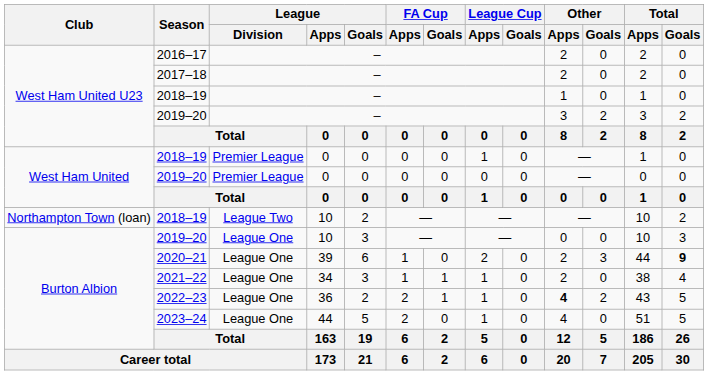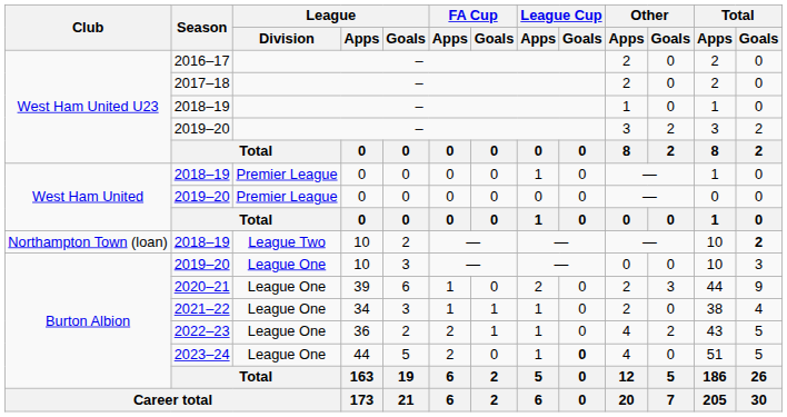 <table class=wikitable style=text-align:center>
 <tr>
 <th rowspan=2>Club</th>
 <th rowspan=2>Season</th>
 <th colspan=3>League</th>
 <th colspan=2><a href='#'>FA Cup</a></th>
 <th colspan=2><a href='#'>League Cup</a></th>
 <th colspan=2>Other</th>
 <th colspan=2>Total</th>
 </tr>
 <tr>
 <th>Division</th>
 <th>Apps</th>
 <th>Goals</th>
 <th>Apps</th>
 <th>Goals</th>
 <th>Apps</th>
 <th>Goals</th>
 <th>Apps</th>
 <th>Goals</th>
 <th>Apps</th>
 <th>Goals</th>
 </tr>
 <tr>
 <td rowspan="5"><a href='#'>West Ham United U23</a></td>
 <td>2016–17</td>
 <td colspan="7">–</td>
 <td>2</td>
 <td>0</td>
 <td>2</td>
 <td>0</td>
 </tr>
 <tr>
 <td>2017–18</td>
 <td colspan="7">–</td>
 <td>2</td>
 <td>0</td>
 <td>2</td>
 <td>0</td>
 </tr>
 <tr>
 <td>2018–19</td>
 <td colspan="7">–</td>
 <td>1</td>
 <td>0</td>
 <td>1</td>
 <td>0</td>
 </tr>
 <tr>
 <td>2019–20</td>
 <td colspan="7">–</td>
 <td>3</td>
 <td>2</td>
 <td>3</td>
 <td>2</td>
 </tr>
 <tr>
 <th colspan="2">Total</th>
 <th>0</th>
 <th>0</th>
 <th>0</th>
 <th>0</th>
 <th>0</th>
 <th>0</th>
 <th>8</th>
 <th>2</th>
 <th>8</th>
 <th>2</th>
 </tr>
 <tr>
 <td rowspan=3><a href='#'>West Ham United</a></td>
 <td><a href='#'>2018–19</a></td>
 <td><a href='#'>Premier League</a></td>
 <td>0</td>
 <td>0</td>
 <td>0</td>
 <td>0</td>
 <td>1</td>
 <td>0</td>
 <td colspan=2>—</td>
 <td>1</td>
 <td>0</td>
 </tr>
 <tr>
 <td><a href='#'>2019–20</a></td>
 <td><a href='#'>Premier League</a></td>
 <td>0</td>
 <td>0</td>
 <td>0</td>
 <td>0</td>
 <td>0</td>
 <td>0</td>
 <td colspan=2>—</td>
 <td>0</td>
 <td>0</td>
 </tr>
 <tr>
 <th colspan="2">Total</th>
 <th>0</th>
 <th>0</th>
 <th>0</th>
 <th>0</th>
 <th>1</th>
 <th>0</th>
 <th>0</th>
 <th>0</th>
 <th>1</th>
 <th>0</th>
 </tr>
 <tr>
 <td><a href='#'>Northampton Town</a> (loan)</td>
 <td><a href='#'>2018–19</a></td>
 <td><a href='#'>League Two</a></td>
 <td>10</td>
 <td>2</td>
 <td colspan=2>—</td>
 <td colspan=2>—</td>
 <td colspan=2>—</td>
 <td>10</td>
-<td>2</td>
+<td><strong>2</strong></td>
 </tr>
 <tr>
 <td rowspan=6><a href='#'>Burton Albion</a></td>
 <td><a href='#'>2019–20</a></td>
 <td><a href='#'>League One</a></td>
 <td>10</td>
 <td>3</td>
 <td colspan=2>—</td>
 <td colspan=2>—</td>
 <td>0</td>
 <td>0</td>
 <td>10</td>
 <td>3</td>
 </tr>
 <tr>
 <td><a href='#'>2020–21</a></td>
 <td>League One</td>
 <td>39</td>
 <td>6</td>
 <td>1</td>
 <td>0</td>
 <td>2</td>
 <td>0</td>
 <td>2</td>
 <td>3</td>
 <td>44</td>
-<td><strong>9</strong></td>
+<td>9</td>
 </tr>
 <tr>
 <td><a href='#'>2021–22</a></td>
 <td>League One</td>
 <td>34</td>
 <td>3</td>
 <td>1</td>
 <td>1</td>
 <td>1</td>
 <td>0</td>
 <td>2</td>
 <td>0</td>
 <td>38</td>
 <td>4</td>
 </tr>
 <tr>
 <td><a href='#'>2022–23</a></td>
 <td>League One</td>
 <td>36</td>
 <td>2</td>
 <td>2</td>
 <td>1</td>
 <td>1</td>
 <td>0</td>
-<td><strong>4</strong></td>
+<td>4</td>
 <td>2</td>
 <td>43</td>
 <td>5</td>
 </tr>
 <tr>
 <td><a href='#'>2023–24</a></td>
 <td>League One</td>
 <td>44</td>
 <td>5</td>
 <td>2</td>
 <td>0</td>
 <td>1</td>
-<td>0</td>
+<td><strong>0</strong></td>
 <td>4</td>
 <td>0</td>
 <td>51</td>
 <td>5</td>
 </tr>
 <tr>
 <th colspan=2>Total</th>
 <th>163</th>
 <th>19</th>
 <th>6</th>
 <th>2</th>
 <th>5</th>
 <th>0</th>
 <th>12</th>
 <th>5</th>
 <th>186</th>
 <th>26</th>
 </tr>
 <tr>
 <th colspan=3>Career total</th>
 <th>173</th>
 <th>21</th>
 <th>6</th>
 <th>2</th>
 <th>6</th>
 <th>0</th>
 <th>20</th>
 <th>7</th>
 <th>205</th>
 <th>30</th>
 </tr>
 </table>
